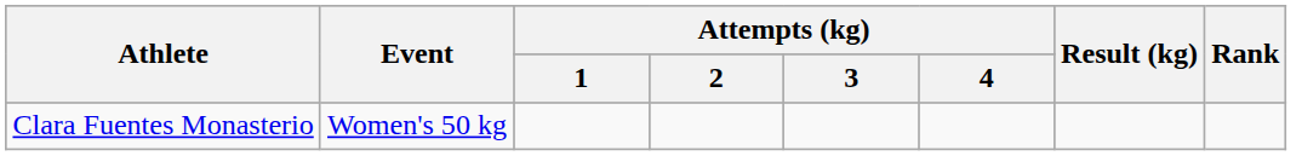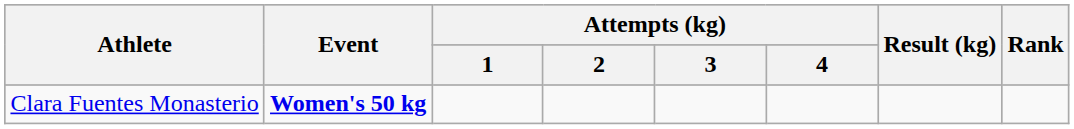 <table class=wikitable style="font-size:90%">
 <tr>
 <th rowspan=2>Athlete</th>
 <th rowspan=2>Event</th>
 <th colspan=4>Attempts (kg)</th>
 <th rowspan=2>Result (kg)</th>
 <th rowspan=2>Rank</th>
 </tr>
 <tr>
 <th width="60">1</th>
 <th width="60">2</th>
 <th width="60">3</th>
 <th width="60">4</th>
 </tr>
 <tr align=center>
 <td align=left><a href='#'>Clara Fuentes Monasterio</a></td>
-<td align=left><a href='#'>Women's 50 kg</a></td>
+<td align=left><strong><a href='#'>Women's 50 kg</a></strong></td>
 <td></td>
 <td></td>
 <td></td>
 <td></td>
 <td></td>
 <td></td>
 </tr>
 </table>
